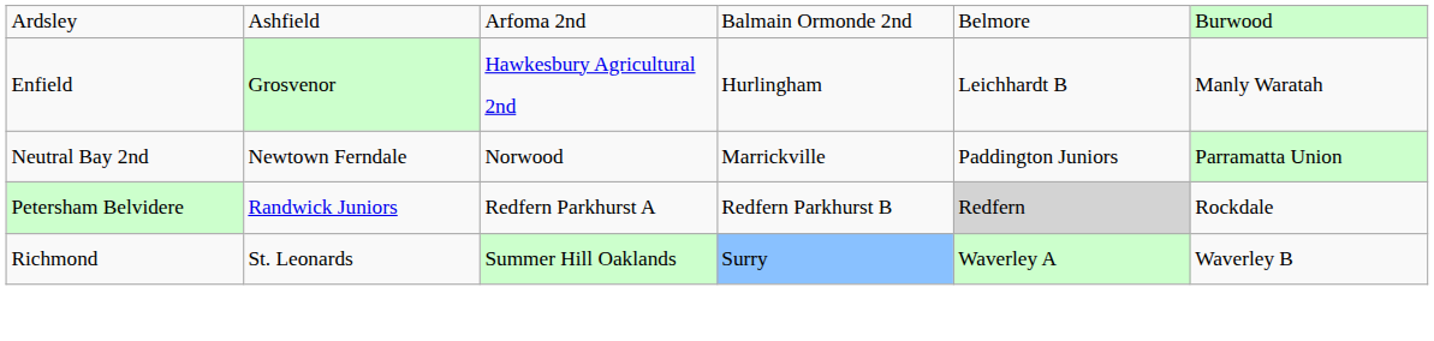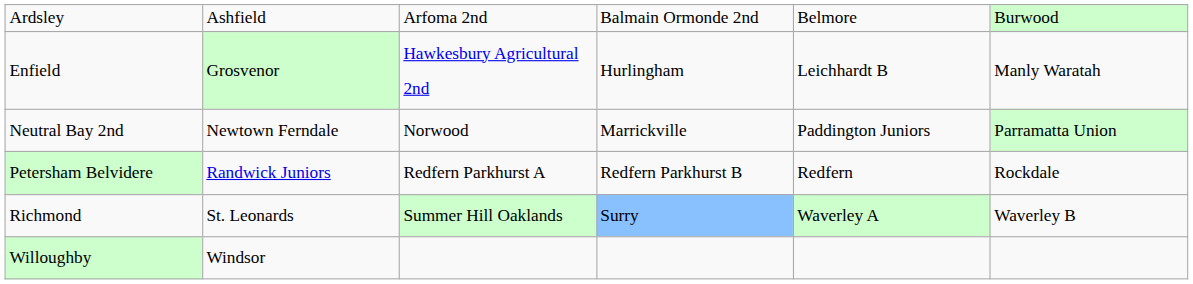 <table class="wikitable" style="margin:auto; text-valign:center; text-align:left;">
 <tr>
 <td width="175"> Ardsley</td>
 <td width="175">Ashfield</td>
 <td width="175"> Arfoma 2nd</td>
 <td width="175">Balmain Ormonde 2nd</td>
 <td width="175">Belmore</td>
 <td width="175", style="background: #ccffcc;"> Burwood</td>
 </tr>
 <tr style="line-height:200%">
 <td>Enfield</td>
 <td style="background: #ccffcc;">Grosvenor</td>
 <td><a href='#'>Hawkesbury Agricultural 2nd</a></td>
 <td>Hurlingham</td>
 <td>Leichhardt B</td>
 <td>Manly Waratah</td>
 </tr>
 <tr style="line-height:200%">
 <td>Neutral Bay 2nd</td>
 <td>Newtown Ferndale</td>
 <td>Norwood</td>
 <td>Marrickville</td>
 <td>Paddington Juniors</td>
 <td style="background: #ccffcc;">Parramatta Union</td>
 </tr>
 <tr style="line-height:200%">
 <td style="background: #ccffcc;">Petersham Belvidere</td>
 <td> <a href='#'>Randwick Juniors</a></td>
 <td>Redfern Parkhurst A</td>
 <td>Redfern Parkhurst B</td>
-<td style="background: lightgrey;">Redfern</td>
+<td>Redfern</td>
 <td>Rockdale</td>
 </tr>
 <tr style="line-height:200%">
 <td>Richmond</td>
 <td>St. Leonards</td>
 <td style="background: #ccffcc;">Summer Hill Oaklands</td>
 <td style="background: #89c1ff;">Surry</td>
 <td style="background: #ccffcc;">Waverley A</td>
 <td>Waverley B</td>
 </tr>
+<tr style="line-height:200%">
+<td style="background: #ccffcc;">Willoughby</td>
+<td>Windsor</td>
+<td></td>
+<td></td>
+<td></td>
+<td></td>
+</tr>
 </table>
